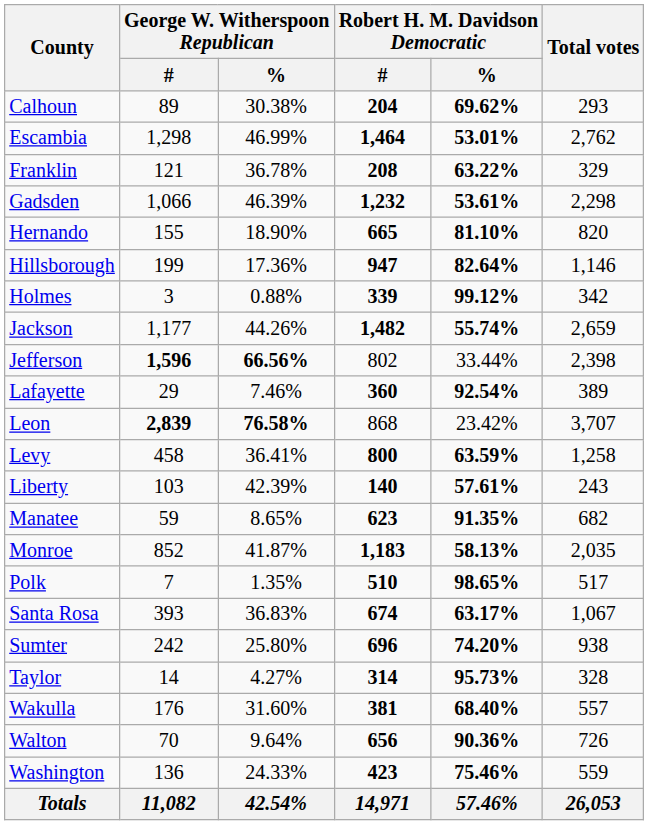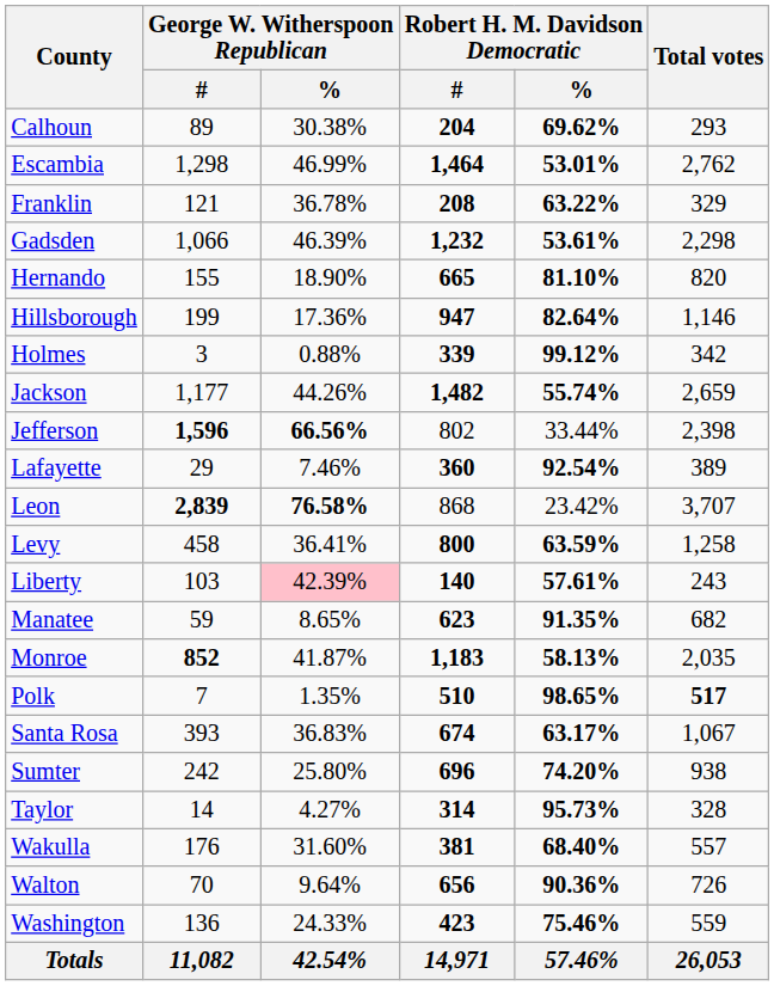 <table class="wikitable sortable">
 <tr>
 <th rowspan="2">County</th>
 <th colspan="2" style="text-align: center;" >George W. Witherspoon <br> <em>Republican</em></th>
 <th colspan="2" style="text-align: center;" >Robert H. M. Davidson <br><em>Democratic</em></th>
 <th rowspan="2">Total votes</th>
 </tr>
 <tr>
 <th colspan="1" style="text-align: center;" >#</th>
 <th colspan="1" style="text-align: center;" >%</th>
 <th colspan="1" style="text-align: center;" >#</th>
 <th colspan="1" style="text-align: center;" >%</th>
 </tr>
 <tr>
 <td><a href='#'>Calhoun</a></td>
 <td align="center">89</td>
 <td align="center">30.38%</td>
 <td align="center"><strong>204</strong></td>
 <td align="center"><strong>69.62%</strong></td>
 <td align="center">293</td>
 </tr>
 <tr>
 <td><a href='#'>Escambia</a></td>
 <td align="center">1,298</td>
 <td align="center">46.99%</td>
 <td align="center"><strong>1,464</strong></td>
 <td align="center"><strong>53.01%</strong></td>
 <td align="center">2,762</td>
 </tr>
 <tr>
 <td><a href='#'>Franklin</a></td>
 <td align="center">121</td>
 <td align="center">36.78%</td>
 <td align="center"><strong>208</strong></td>
 <td align="center"><strong>63.22%</strong></td>
 <td align="center">329</td>
 </tr>
 <tr>
 <td><a href='#'>Gadsden</a></td>
 <td align="center">1,066</td>
 <td align="center">46.39%</td>
 <td align="center"><strong>1,232</strong></td>
 <td align="center"><strong>53.61%</strong></td>
 <td align="center">2,298</td>
 </tr>
 <tr>
 <td><a href='#'>Hernando</a></td>
 <td align="center">155</td>
 <td align="center">18.90%</td>
 <td align="center"><strong>665</strong></td>
 <td align="center"><strong>81.10%</strong></td>
 <td align="center">820</td>
 </tr>
 <tr>
 <td><a href='#'>Hillsborough</a></td>
 <td align="center">199</td>
 <td align="center">17.36%</td>
 <td align="center"><strong>947</strong></td>
 <td align="center"><strong>82.64%</strong></td>
 <td align="center">1,146</td>
 </tr>
 <tr>
 <td><a href='#'>Holmes</a></td>
 <td align="center">3</td>
 <td align="center">0.88%</td>
 <td align="center"><strong>339</strong></td>
 <td align="center"><strong>99.12%</strong></td>
 <td align="center">342</td>
 </tr>
 <tr>
 <td><a href='#'>Jackson</a></td>
 <td align="center">1,177</td>
 <td align="center">44.26%</td>
 <td align="center"><strong>1,482</strong></td>
 <td align="center"><strong>55.74%</strong></td>
 <td align="center">2,659</td>
 </tr>
 <tr>
 <td><a href='#'>Jefferson</a></td>
 <td align="center"><strong>1,596</strong></td>
 <td align="center"><strong>66.56%</strong></td>
 <td align="center">802</td>
 <td align="center">33.44%</td>
 <td align="center">2,398</td>
 </tr>
 <tr>
 <td><a href='#'>Lafayette</a></td>
 <td align="center">29</td>
 <td align="center">7.46%</td>
 <td align="center"><strong>360</strong></td>
 <td align="center"><strong>92.54%</strong></td>
 <td align="center">389</td>
 </tr>
 <tr>
 <td><a href='#'>Leon</a></td>
 <td align="center"><strong>2,839</strong></td>
 <td align="center"><strong>76.58%</strong></td>
 <td align="center">868</td>
 <td align="center">23.42%</td>
 <td align="center">3,707</td>
 </tr>
 <tr>
 <td><a href='#'>Levy</a></td>
 <td align="center">458</td>
 <td align="center">36.41%</td>
 <td align="center"><strong>800</strong></td>
 <td align="center"><strong>63.59%</strong></td>
 <td align="center">1,258</td>
 </tr>
 <tr>
 <td><a href='#'>Liberty</a></td>
 <td align="center">103</td>
-<td align="center">42.39%</td>
+<td align="center" style="background: pink;">42.39%</td>
 <td align="center"><strong>140</strong></td>
 <td align="center"><strong>57.61%</strong></td>
 <td align="center">243</td>
 </tr>
 <tr>
 <td><a href='#'>Manatee</a></td>
 <td align="center">59</td>
 <td align="center">8.65%</td>
 <td align="center"><strong>623</strong></td>
 <td align="center"><strong>91.35%</strong></td>
 <td align="center">682</td>
 </tr>
 <tr>
 <td><a href='#'>Monroe</a></td>
-<td align="center">852</td>
+<td align="center"><strong>852</strong></td>
 <td align="center">41.87%</td>
 <td align="center"><strong>1,183</strong></td>
 <td align="center"><strong>58.13%</strong></td>
 <td align="center">2,035</td>
 </tr>
 <tr>
 <td><a href='#'>Polk</a></td>
 <td align="center">7</td>
 <td align="center">1.35%</td>
 <td align="center"><strong>510</strong></td>
 <td align="center"><strong>98.65%</strong></td>
-<td align="center">517</td>
+<td align="center"><strong>517</strong></td>
 </tr>
 <tr>
 <td><a href='#'>Santa Rosa</a></td>
 <td align="center">393</td>
 <td align="center">36.83%</td>
 <td align="center"><strong>674</strong></td>
 <td align="center"><strong>63.17%</strong></td>
 <td align="center">1,067</td>
 </tr>
 <tr>
 <td><a href='#'>Sumter</a></td>
 <td align="center">242</td>
 <td align="center">25.80%</td>
 <td align="center"><strong>696</strong></td>
 <td align="center"><strong>74.20%</strong></td>
 <td align="center">938</td>
 </tr>
 <tr>
 <td><a href='#'>Taylor</a></td>
 <td align="center">14</td>
 <td align="center">4.27%</td>
 <td align="center"><strong>314</strong></td>
 <td align="center"><strong>95.73%</strong></td>
 <td align="center">328</td>
 </tr>
 <tr>
 <td><a href='#'>Wakulla</a></td>
 <td align="center">176</td>
 <td align="center">31.60%</td>
 <td align="center"><strong>381</strong></td>
 <td align="center"><strong>68.40%</strong></td>
 <td align="center">557</td>
 </tr>
 <tr>
 <td><a href='#'>Walton</a></td>
 <td align="center">70</td>
 <td align="center">9.64%</td>
 <td align="center"><strong>656</strong></td>
 <td align="center"><strong>90.36%</strong></td>
 <td align="center">726</td>
 </tr>
 <tr>
 <td><a href='#'>Washington</a></td>
 <td align="center">136</td>
 <td align="center">24.33%</td>
 <td align="center"><strong>423</strong></td>
 <td align="center"><strong>75.46%</strong></td>
 <td align="center">559</td>
 </tr>
 <tr>
 <th><em>Totals</em></th>
 <th><em>11,082</em></th>
 <th><em>42.54%</em></th>
 <th><em>14,971</em></th>
 <th><em>57.46%</em></th>
 <th><em>26,053</em></th>
 </tr>
 </table>
